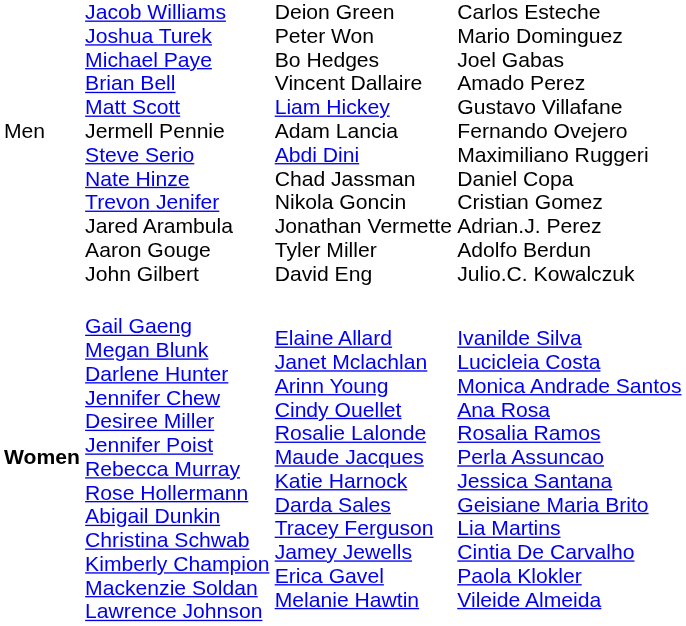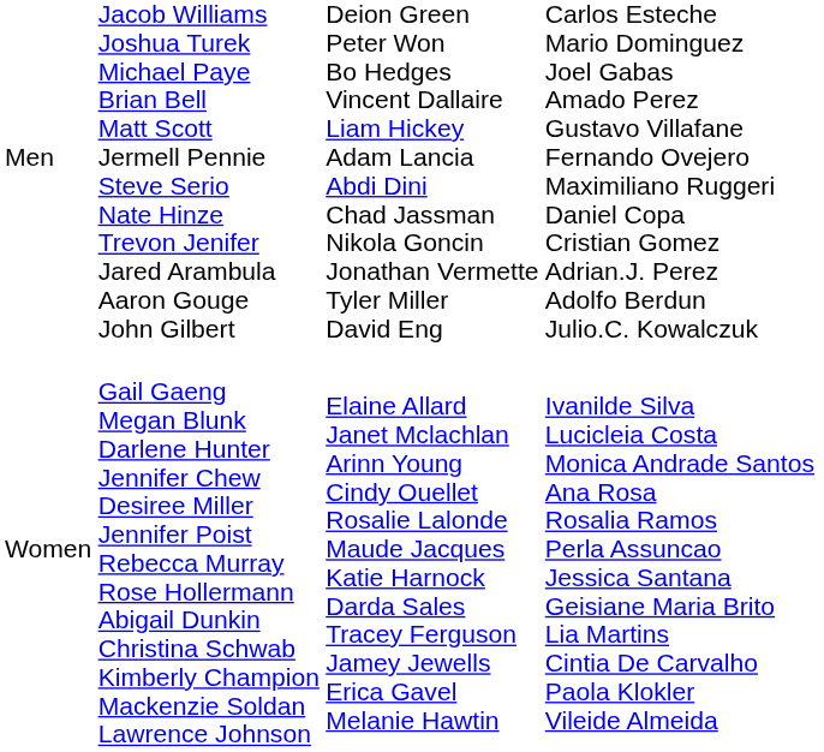 <table>
 <tr>
 <td>Men<br></td>
 <td><br><a href='#'>Jacob Williams</a><br><a href='#'>Joshua Turek</a><br><a href='#'>Michael Paye</a><br><a href='#'>Brian Bell</a><br><a href='#'>Matt Scott</a><br>Jermell Pennie<br><a href='#'>Steve Serio</a><br><a href='#'>Nate Hinze</a><br><a href='#'>Trevon Jenifer</a><br>Jared Arambula<br>Aaron Gouge<br>John Gilbert</td>
 <td><br>Deion Green<br>Peter Won<br>Bo Hedges<br>Vincent Dallaire<br><a href='#'>Liam Hickey</a><br>Adam Lancia<br><a href='#'>Abdi Dini</a><br>Chad Jassman<br>Nikola Goncin<br>Jonathan Vermette<br>Tyler Miller<br>David Eng</td>
 <td><br>Carlos Esteche<br>Mario Dominguez<br>Joel Gabas<br>Amado Perez<br>Gustavo Villafane<br>Fernando Ovejero<br>Maximiliano Ruggeri<br>Daniel Copa<br>Cristian Gomez<br>Adrian.J. Perez<br>Adolfo Berdun<br>Julio.C. Kowalczuk</td>
 </tr>
 <tr>
-<td><strong>Women<br></strong></td>
+<td>Women<br></td>
 <td><br><a href='#'>Gail Gaeng</a><br><a href='#'>Megan Blunk</a><br><a href='#'>Darlene Hunter</a><br><a href='#'>Jennifer Chew</a><br><a href='#'>Desiree Miller</a><br><a href='#'>Jennifer Poist</a><br><a href='#'>Rebecca Murray</a><br><a href='#'>Rose Hollermann</a><br><a href='#'>Abigail Dunkin</a><br><a href='#'>Christina Schwab</a><br><a href='#'>Kimberly Champion</a><br><a href='#'>Mackenzie Soldan</a><br><a href='#'>Lawrence Johnson</a></td>
 <td><br><a href='#'>Elaine Allard</a><br><a href='#'>Janet Mclachlan</a><br><a href='#'>Arinn Young</a><br><a href='#'>Cindy Ouellet</a><br><a href='#'>Rosalie Lalonde</a><br><a href='#'>Maude Jacques</a><br><a href='#'>Katie Harnock</a><br><a href='#'>Darda Sales</a><br><a href='#'>Tracey Ferguson</a><br><a href='#'>Jamey Jewells</a><br><a href='#'>Erica Gavel</a><br><a href='#'>Melanie Hawtin</a></td>
 <td><br><a href='#'>Ivanilde Silva</a><br><a href='#'>Lucicleia Costa</a><br><a href='#'>Monica Andrade Santos</a><br><a href='#'>Ana Rosa</a><br><a href='#'>Rosalia Ramos</a><br><a href='#'>Perla Assuncao</a><br><a href='#'>Jessica Santana</a><br><a href='#'>Geisiane Maria Brito</a><br><a href='#'>Lia Martins</a><br><a href='#'>Cintia De Carvalho</a><br><a href='#'>Paola Klokler</a><br><a href='#'>Vileide Almeida</a></td>
 </tr>
 </table>
